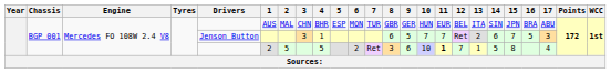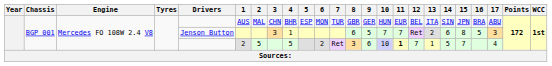 <table class="wikitable" style="text-align:center; font-size:85%;">
 <tr>
 <th>Year</th>
 <th>Chassis</th>
 <th>Engine</th>
 <th>Tyres</th>
 <th>Drivers</th>
 <th>1</th>
 <th>2</th>
 <th>3</th>
 <th>4</th>
 <th>5</th>
 <th>6</th>
 <th>7</th>
 <th>8</th>
 <th>9</th>
 <th>10</th>
 <th>11</th>
 <th>12</th>
 <th>13</th>
 <th>14</th>
 <th>15</th>
 <th>16</th>
 <th>17</th>
 <th>Points</th>
 <th>WCC</th>
 </tr>
 <tr>
 <th rowspan="3"></th>
 <td rowspan="3"><a href='#'>BGP 001</a></td>
 <td rowspan="3"><a href='#'>Mercedes</a> FO 108W 2.4 <a href='#'>V8</a></td>
 <td rowspan="3"></td>
 <td></td>
 <td><a href='#'>AUS</a></td>
 <td><a href='#'>MAL</a></td>
 <td><a href='#'>CHN</a></td>
 <td><a href='#'>BHR</a></td>
 <td><a href='#'>ESP</a></td>
 <td><a href='#'>MON</a></td>
 <td><a href='#'>TUR</a></td>
 <td><a href='#'>GBR</a></td>
 <td><a href='#'>GER</a></td>
 <td><a href='#'>HUN</a></td>
 <td><a href='#'>EUR</a></td>
 <td><a href='#'>BEL</a></td>
 <td><a href='#'>ITA</a></td>
 <td><a href='#'>SIN</a></td>
 <td><a href='#'>JPN</a></td>
 <td><a href='#'>BRA</a></td>
 <td><a href='#'>ABU</a></td>
 <td rowspan="3" style="background:#ffffbf;"><strong>172</strong></td>
 <td rowspan="3" style="background:#ffffbf;"><strong>1st</strong></td>
 </tr>
 <tr>
 <td align="left"> <a href='#'>Jenson Button</a></td>
 <td style="background:#ffffbf;"></td>
 <td style="background:#ffffbf;"></td>
 <td style="background:#ffdf9f;">3</td>
 <td style="background:#ffffbf;">1</td>
 <td style="background:#ffffbf;"></td>
 <td style="background:#ffffbf;"></td>
 <td style="background:#ffffbf;"></td>
 <td style="background:#dfffdf;">6</td>
 <td style="background:#dfffdf;">5</td>
 <td style="background:#dfffdf;">7</td>
 <td style="background:#dfffdf;">7</td>
 <td style="background:#efcfff;">Ret</td>
 <td style="background:#dfdfdf;">2</td>
 <td style="background:#dfffdf;">6</td>
-<td style="background:#dfffdf;">7</td>
+<td style="background:#dfffdf;">8</td>
 <td style="background:#dfffdf;">5</td>
 <td style="background:#ffdf9f;">3</td>
 </tr>
 <tr>
 <td align="left"></td>
 <td style="background:#dfdfdf;">2</td>
 <td style="background:#dfffdf;">5</td>
 <td style="background:#dfffdf;"></td>
 <td style="background:#dfffdf;">5</td>
 <td style="background:#dfdfdf;"></td>
 <td style="background:#dfdfdf;">2</td>
 <td style="background:#efcfff;">Ret</td>
 <td style="background:#ffdf9f;">3</td>
 <td style="background:#dfffdf;">6</td>
 <td style="background:#cfcfff;">10</td>
 <td style="background:#ffffbf;"><strong>1</strong></td>
 <td style="background:#dfffdf;">7</td>
 <td style="background:#ffffbf;">1</td>
 <td style="background:#dfffdf;">5</td>
-<td style="background:#dfffdf;">8</td>
+<td style="background:#dfffdf;">7</td>
 <td style="background:#dfffdf;"></td>
 <td style="background:#dfffdf;">4</td>
 </tr>
 <tr>
 <th colspan="24">Sources:</th>
 </tr>
 </table>
